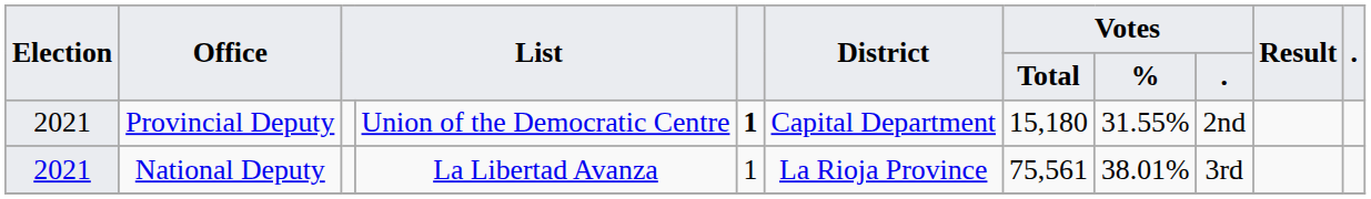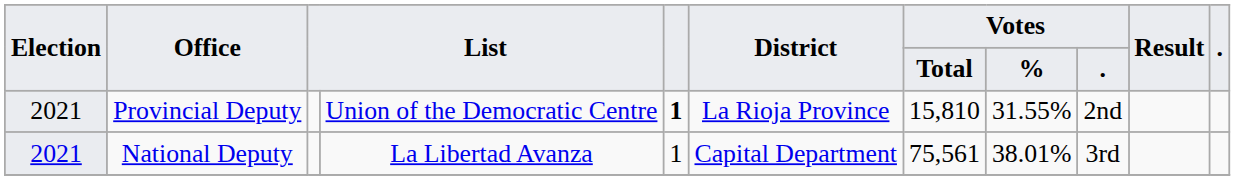 <table class="wikitable" style="font-size:90%; text-align:center;">
 <tr>
 <th style="background-color:#EAECF0;" rowspan=2>Election</th>
 <th style="background-color:#EAECF0;" rowspan=2>Office</th>
 <th style="background-color:#EAECF0;" colspan=2 rowspan=2>List</th>
 <th style="background-color:#EAECF0;" rowspan=2></th>
 <th style="background-color:#EAECF0;" rowspan=2>District</th>
 <th style="background-color:#EAECF0;" colspan=3>Votes</th>
 <th style="background-color:#EAECF0;" rowspan=2>Result</th>
 <th style="background-color:#EAECF0;" rowspan=2>.</th>
 </tr>
 <tr>
 <th style="background-color:#EAECF0;">Total</th>
 <th style="background-color:#EAECF0;">%</th>
 <th style="background-color:#EAECF0;">.</th>
 </tr>
 <tr>
 <td style="background-color:#EAECF0;">2021</td>
 <td><a href='#'>Provincial Deputy</a></td>
 <td style="background-color:"></td>
 <td><a href='#'>Union of the Democratic Centre</a></td>
 <td><strong>1</strong></td>
-<td><a href='#'>Capital Department</a></td>
-<td>15,180</td>
+<td><a href='#'>La Rioja Province</a></td>
+<td>15,810</td>
 <td>31.55%</td>
 <td>2nd</td>
 <td></td>
 <td></td>
 </tr>
 <tr>
 <td style="background-color:#EAECF0;"><a href='#'>2021</a></td>
 <td><a href='#'>National Deputy</a></td>
 <td style="background-color:"></td>
 <td><a href='#'>La Libertad Avanza</a></td>
 <td>1</td>
-<td><a href='#'>La Rioja Province</a></td>
+<td><a href='#'>Capital Department</a></td>
 <td>75,561</td>
 <td>38.01%</td>
 <td>3rd</td>
 <td></td>
 <td></td>
 </tr>
 <tr>
 </tr>
 </table>
